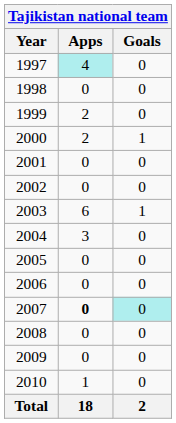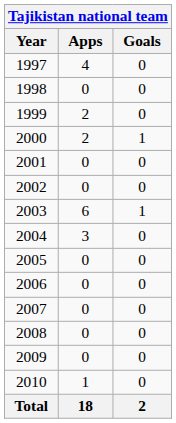 <table class="wikitable" style="text-align:center">
 <tr>
 <th colspan=3><a href='#'>Tajikistan national team</a></th>
 </tr>
 <tr>
 <th>Year</th>
 <th>Apps</th>
 <th>Goals</th>
 </tr>
 <tr>
 <td>1997</td>
-<td style="background: paleturquoise;">4</td>
+<td>4</td>
 <td>0</td>
 </tr>
 <tr>
 <td>1998</td>
 <td>0</td>
 <td>0</td>
 </tr>
 <tr>
 <td>1999</td>
 <td>2</td>
 <td>0</td>
 </tr>
 <tr>
 <td>2000</td>
 <td>2</td>
 <td>1</td>
 </tr>
 <tr>
 <td>2001</td>
 <td>0</td>
 <td>0</td>
 </tr>
 <tr>
 <td>2002</td>
 <td>0</td>
 <td>0</td>
 </tr>
 <tr>
 <td>2003</td>
 <td>6</td>
 <td>1</td>
 </tr>
 <tr>
 <td>2004</td>
 <td>3</td>
 <td>0</td>
 </tr>
 <tr>
 <td>2005</td>
 <td>0</td>
 <td>0</td>
 </tr>
 <tr>
 <td>2006</td>
 <td>0</td>
 <td>0</td>
 </tr>
 <tr>
 <td>2007</td>
-<td><strong>0</strong></td>
-<td style="background: paleturquoise;">0</td>
+<td>0</td>
+<td>0</td>
 </tr>
 <tr>
 <td>2008</td>
 <td>0</td>
 <td>0</td>
 </tr>
 <tr>
 <td>2009</td>
 <td>0</td>
 <td>0</td>
 </tr>
 <tr>
 <td>2010</td>
 <td>1</td>
 <td>0</td>
 </tr>
 <tr>
 <th>Total</th>
 <th>18</th>
 <th>2</th>
 </tr>
 </table>
